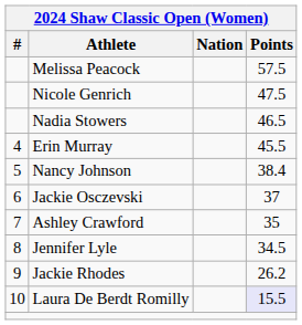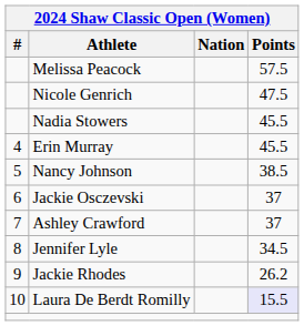 <table class="wikitable" style="display: inline-table; margin-left: 50px;text-align:center;">
 <tr>
 <th colspan="4"><a href='#'>2024 Shaw Classic Open (Women)</a></th>
 </tr>
 <tr>
 <th scope="col" style="width: 10px;">#</th>
 <th scope="col">Athlete</th>
 <th scope="col">Nation</th>
 <th scope="col">Points</th>
 </tr>
 <tr>
 <td></td>
 <td align=left>Melissa Peacock</td>
 <td align=left></td>
 <td>57.5</td>
 </tr>
 <tr>
 <td></td>
 <td align=left>Nicole Genrich</td>
 <td align=left></td>
 <td>47.5</td>
 </tr>
 <tr>
 <td></td>
 <td align=left>Nadia Stowers</td>
 <td align=left></td>
-<td>46.5</td>
+<td>45.5</td>
 </tr>
 <tr>
 <td>4</td>
 <td align=left>Erin Murray</td>
 <td align=left></td>
 <td>45.5</td>
 </tr>
 <tr>
 <td>5</td>
 <td align=left>Nancy Johnson</td>
 <td align=left></td>
-<td>38.4</td>
+<td>38.5</td>
 </tr>
 <tr>
 <td>6</td>
 <td align=left>Jackie Osczevski</td>
 <td align=left></td>
 <td>37</td>
 </tr>
 <tr>
 <td>7</td>
 <td align=left>Ashley Crawford</td>
 <td align=left></td>
-<td>35</td>
+<td>37</td>
 </tr>
 <tr>
 <td>8</td>
 <td align=left>Jennifer Lyle</td>
 <td align=left></td>
 <td>34.5</td>
 </tr>
 <tr>
 <td>9</td>
 <td align=left>Jackie Rhodes</td>
 <td align=left></td>
 <td>26.2</td>
 </tr>
 <tr>
 <td>10</td>
 <td align=left>Laura De Berdt Romilly</td>
 <td align=left></td>
 <td style="background: lavender;">15.5</td>
 </tr>
 <tr class="sortbottom">
 <td colspan="4"></td>
 </tr>
 </table>
